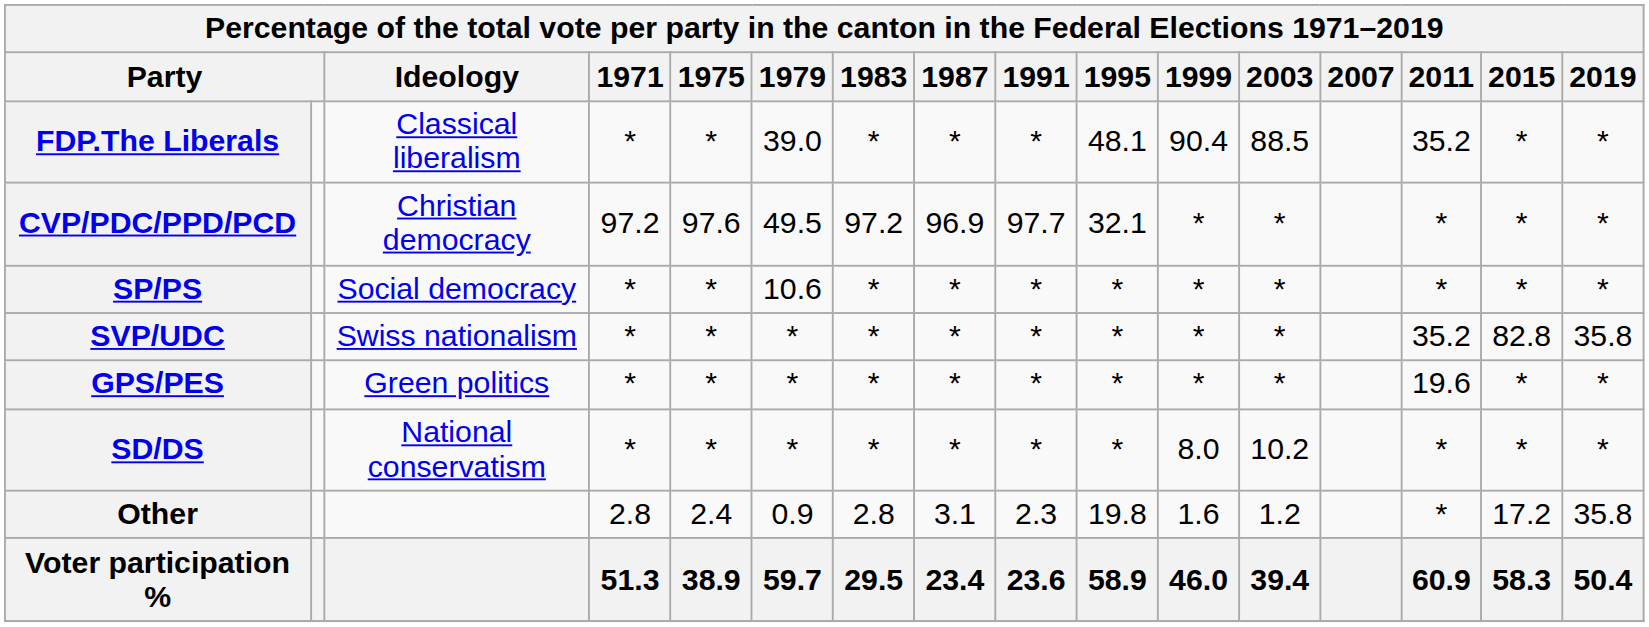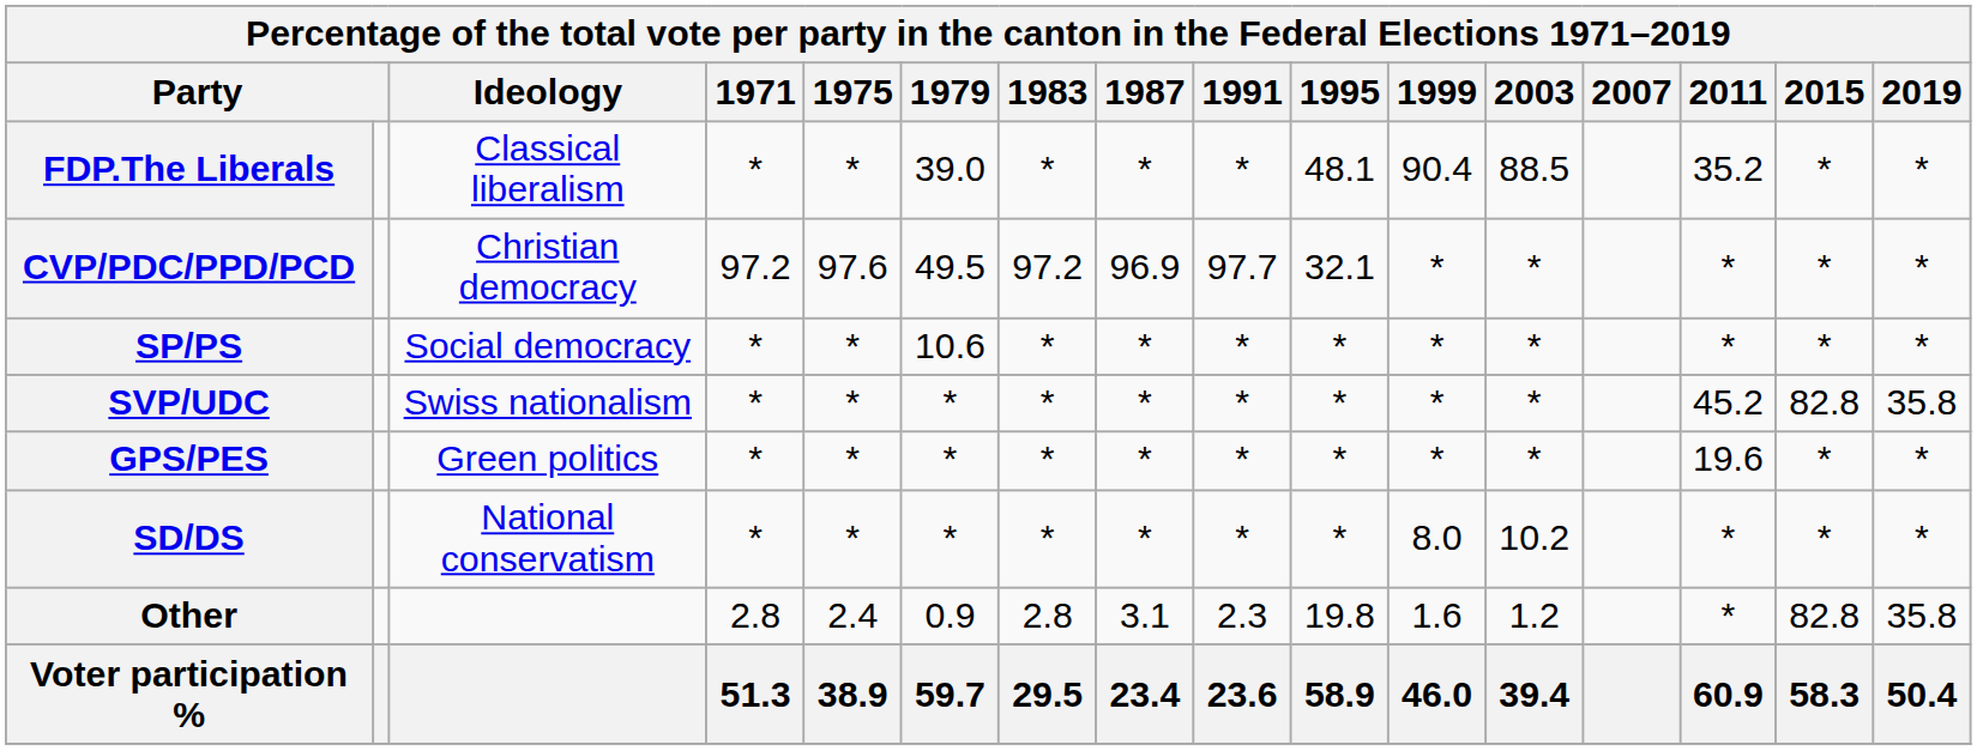 <table class="wikitable sortable" style ="text-align: center">
 <tr>
 <th colspan="17">Percentage of the total vote per party in the canton in the Federal Elections 1971–2019</th>
 </tr>
 <tr>
 <th colspan="2">Party</th>
 <th class="unsortable">Ideology</th>
 <th>1971</th>
 <th>1975</th>
 <th>1979</th>
 <th>1983</th>
 <th>1987</th>
 <th>1991</th>
 <th>1995</th>
 <th>1999</th>
 <th>2003</th>
 <th>2007</th>
 <th>2011</th>
 <th>2015</th>
 <th>2019</th>
 </tr>
 <tr>
 <th><a href='#'>FDP.The Liberals</a></th>
 <td style="color:inherit;background:"></td>
 <td><a href='#'>Classical liberalism</a></td>
 <td>* </td>
 <td>*</td>
 <td>39.0</td>
 <td>*</td>
 <td>*</td>
 <td>*</td>
 <td>48.1</td>
 <td>90.4</td>
 <td>88.5</td>
 <td></td>
 <td>35.2</td>
 <td>*</td>
 <td>*</td>
 </tr>
 <tr>
 <th><a href='#'>CVP/PDC/PPD/PCD</a></th>
 <td style="color:inherit;background:"></td>
 <td><a href='#'>Christian democracy</a></td>
 <td>97.2</td>
 <td>97.6</td>
 <td>49.5</td>
 <td>97.2</td>
 <td>96.9</td>
 <td>97.7</td>
 <td>32.1</td>
 <td>*</td>
 <td>*</td>
 <td></td>
 <td>*</td>
 <td>*</td>
 <td>*</td>
 </tr>
 <tr>
 <th><a href='#'>SP/PS</a></th>
 <td style="color:inherit;background:"></td>
 <td><a href='#'>Social democracy</a></td>
 <td>*</td>
 <td>*</td>
 <td>10.6</td>
 <td>*</td>
 <td>*</td>
 <td>*</td>
 <td>*</td>
 <td>*</td>
 <td>*</td>
 <td></td>
 <td>*</td>
 <td>*</td>
 <td>*</td>
 </tr>
 <tr>
 <th><a href='#'>SVP/UDC</a></th>
 <td style="color:inherit;background:"></td>
 <td><a href='#'>Swiss nationalism</a></td>
 <td>*</td>
 <td>*</td>
 <td>*</td>
 <td>*</td>
 <td>*</td>
 <td>*</td>
 <td>*</td>
 <td>*</td>
 <td>*</td>
 <td></td>
-<td>35.2</td>
+<td>45.2</td>
 <td>82.8</td>
 <td>35.8</td>
 </tr>
 <tr>
 <th><a href='#'>GPS/PES</a></th>
 <td style="color:inherit;background:"></td>
 <td><a href='#'>Green politics</a></td>
 <td>*</td>
 <td>*</td>
 <td>*</td>
 <td>*</td>
 <td>*</td>
 <td>*</td>
 <td>*</td>
 <td>*</td>
 <td>*</td>
 <td></td>
 <td>19.6</td>
 <td>*</td>
 <td>*</td>
 </tr>
 <tr>
 <th><a href='#'>SD/DS</a></th>
 <td style="color:inherit;background:"></td>
 <td><a href='#'>National conservatism</a></td>
 <td>*</td>
 <td>*</td>
 <td>*</td>
 <td>*</td>
 <td>*</td>
 <td>*</td>
 <td>*</td>
 <td>8.0</td>
 <td>10.2</td>
 <td></td>
 <td>*</td>
 <td>*</td>
 <td>*</td>
 </tr>
 <tr>
 <th>Other</th>
 <td></td>
 <td></td>
 <td>2.8</td>
 <td>2.4</td>
 <td>0.9</td>
 <td>2.8</td>
 <td>3.1</td>
 <td>2.3</td>
 <td>19.8</td>
 <td>1.6</td>
 <td>1.2</td>
 <td></td>
 <td>*</td>
-<td>17.2</td>
+<td>82.8</td>
 <td>35.8</td>
 </tr>
 <tr>
 <th>Voter participation %</th>
 <th></th>
 <th></th>
 <th>51.3</th>
 <th>38.9</th>
 <th>59.7</th>
 <th>29.5</th>
 <th>23.4</th>
 <th>23.6</th>
 <th>58.9</th>
 <th>46.0</th>
 <th>39.4</th>
 <th></th>
 <th>60.9</th>
 <th>58.3</th>
 <th>50.4</th>
 </tr>
 <tr>
 </tr>
 </table>
